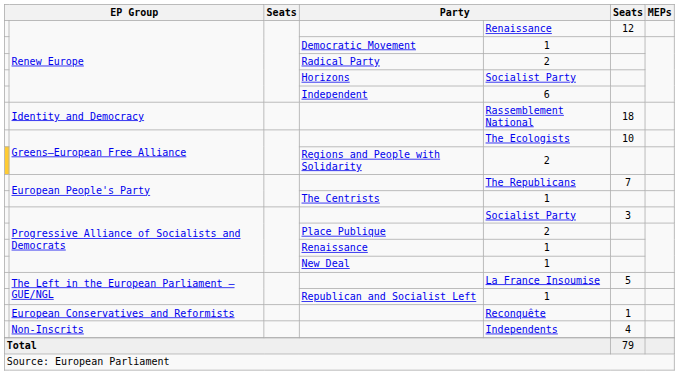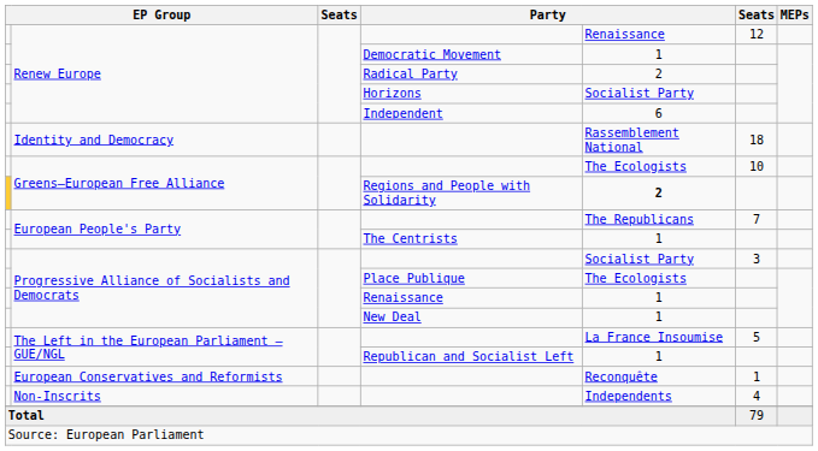 <table class="wikitable">
 <tr>
 <th colspan=2>EP Group</th>
 <th>Seats</th>
 <th colspan=2>Party</th>
 <th>Seats</th>
 <th>MEPs</th>
 </tr>
 <tr>
 <td></td>
 <td rowspan="5"><a href='#'>Renew Europe</a></td>
 <td rowspan="5"></td>
 <td style="background:"></td>
 <td><a href='#'>Renaissance</a></td>
 <td align=center>12</td>
 <td></td>
 </tr>
 <tr>
 <td style="background:"></td>
 <td><a href='#'>Democratic Movement</a></td>
 <td align=center>1</td>
 <td></td>
 </tr>
 <tr>
 <td style="background:"></td>
 <td><a href='#'>Radical Party</a></td>
 <td align=center>2</td>
 <td></td>
 </tr>
 <tr>
 <td style="background:"></td>
 <td><a href='#'>Horizons</a></td>
 <td><a href='#'>Socialist Party</a></td>
 <td></td>
 </tr>
 <tr>
 <td style="background:"></td>
 <td><a href='#'>Independent</a></td>
 <td align=center>6</td>
 <td></td>
 </tr>
 <tr>
 <td></td>
 <td><a href='#'>Identity and Democracy</a></td>
 <td></td>
 <td style="background:"></td>
 <td><a href='#'>Rassemblement National</a></td>
 <td align=center>18</td>
 <td></td>
 </tr>
 <tr>
 <td></td>
 <td rowspan="2"><a href='#'>Greens–European Free Alliance</a></td>
 <td rowspan="2"></td>
 <td style="background:"></td>
 <td><a href='#'>The Ecologists</a></td>
 <td align=center>10</td>
 <td></td>
 </tr>
 <tr>
 <td style="background:#ffcc33;"></td>
 <td><a href='#'>Regions and People with Solidarity</a></td>
-<td align=center>2</td>
+<td align=center><strong>2</strong></td>
 <td></td>
 </tr>
 <tr>
 <td></td>
 <td rowspan="2"><a href='#'>European People's Party</a></td>
 <td rowspan="2"></td>
 <td style="background:"></td>
 <td><a href='#'>The Republicans</a></td>
 <td align=center>7</td>
 <td></td>
 </tr>
 <tr>
 <td style="background:"></td>
 <td><a href='#'>The Centrists</a></td>
 <td align=center>1</td>
 <td></td>
 </tr>
 <tr>
 <td></td>
 <td rowspan="4"><a href='#'>Progressive Alliance of Socialists and Democrats</a></td>
 <td rowspan="4"></td>
 <td style="background:"></td>
 <td><a href='#'>Socialist Party</a></td>
 <td align=center>3</td>
 <td></td>
 </tr>
 <tr>
 <td style="background:"></td>
 <td><a href='#'>Place Publique</a></td>
-<td align=center>2</td>
+<td><a href='#'>The Ecologists</a></td>
 <td></td>
 </tr>
 <tr>
 <td style="background:"></td>
 <td><a href='#'>Renaissance</a></td>
 <td align=center>1</td>
 <td></td>
 </tr>
 <tr>
 <td style="background:"></td>
 <td><a href='#'>New Deal</a></td>
 <td align=center>1</td>
 <td></td>
 </tr>
 <tr>
 <td></td>
 <td rowspan="2"><a href='#'>The Left in the European Parliament – GUE/NGL</a></td>
 <td rowspan="2"></td>
 <td style="background:"></td>
 <td><a href='#'>La France Insoumise</a></td>
 <td align=center>5</td>
 <td></td>
 </tr>
 <tr>
 <td style="background:"></td>
 <td><a href='#'>Republican and Socialist Left</a></td>
 <td align=center>1</td>
 <td></td>
 </tr>
 <tr>
 <td></td>
 <td><a href='#'>European Conservatives and Reformists</a></td>
 <td></td>
 <td style="background:"></td>
 <td><a href='#'>Reconquête</a></td>
 <td align=center>1</td>
 <td></td>
 </tr>
 <tr>
 <td></td>
 <td><a href='#'>Non-Inscrits</a></td>
 <td></td>
 <td style="background:"></td>
 <td><a href='#'>Independents</a></td>
 <td align=center>4</td>
 <td></td>
 </tr>
 <tr>
 </tr>
 <tr bgcolor="EFEFEF">
 <td colspan=5 align=left><strong>Total</strong></td>
 <td align=center>79</td>
 <td></td>
 </tr>
 <tr>
 <td colspan="7">Source: European Parliament</td>
 </tr>
 </table>
